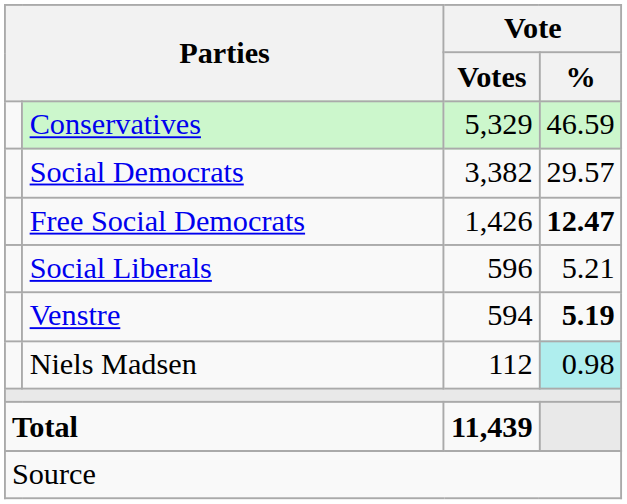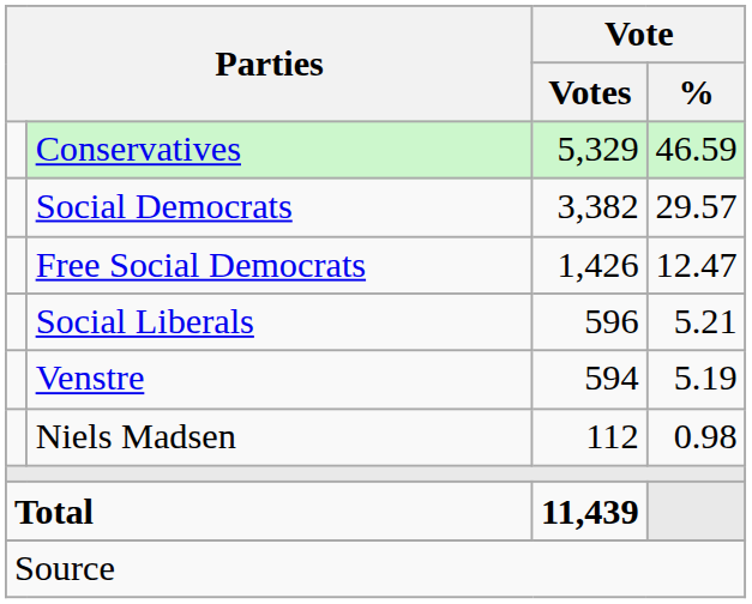 <table class="wikitable" style="text-align:right;">
 <tr>
 <th style="text-align:centre;" rowspan="2" colspan="2" width="225">Parties</th>
 <th colspan="3">Vote</th>
 </tr>
 <tr>
 <th width="15">Votes</th>
 <th width="15">%</th>
 </tr>
 <tr>
 <td width="2" style="color:inherit;background:"></td>
 <td bgcolor=#ccf7cc  align="left"><a href='#'>Conservatives</a></td>
 <td bgcolor=#ccf7cc>5,329</td>
 <td bgcolor=#ccf7cc>46.59</td>
 </tr>
 <tr>
 <td width="2" style="color:inherit;background:"></td>
 <td align="left"><a href='#'>Social Democrats</a></td>
 <td>3,382</td>
 <td>29.57</td>
 </tr>
 <tr>
 <td width="2" style="color:inherit;background:"></td>
 <td align="left"><a href='#'>Free Social Democrats</a></td>
 <td>1,426</td>
-<td><strong>12.47</strong></td>
+<td>12.47</td>
 </tr>
 <tr>
 <td width="2" style="color:inherit;background:"></td>
 <td align="left"><a href='#'>Social Liberals</a></td>
 <td>596</td>
 <td>5.21</td>
 </tr>
 <tr>
 <td width="2" style="color:inherit;background:"></td>
 <td align="left"><a href='#'>Venstre</a></td>
 <td>594</td>
-<td><strong>5.19</strong></td>
+<td>5.19</td>
 </tr>
 <tr>
 <td width="2" style="color:inherit;background:"></td>
 <td align="left">Niels Madsen</td>
 <td>112</td>
-<td style="background: paleturquoise;">0.98</td>
+<td>0.98</td>
 </tr>
 <tr>
 <td colspan="7" bgcolor="#E9E9E9"></td>
 </tr>
 <tr>
 <td align="left" colspan="2"><strong>Total</strong></td>
 <td><strong>11,439</strong></td>
 <td bgcolor="#E9E9E9" colspan="2"></td>
 </tr>
 <tr>
 </tr>
 <tr>
 <td align="left" colspan="6">Source</td>
 </tr>
 </table>
